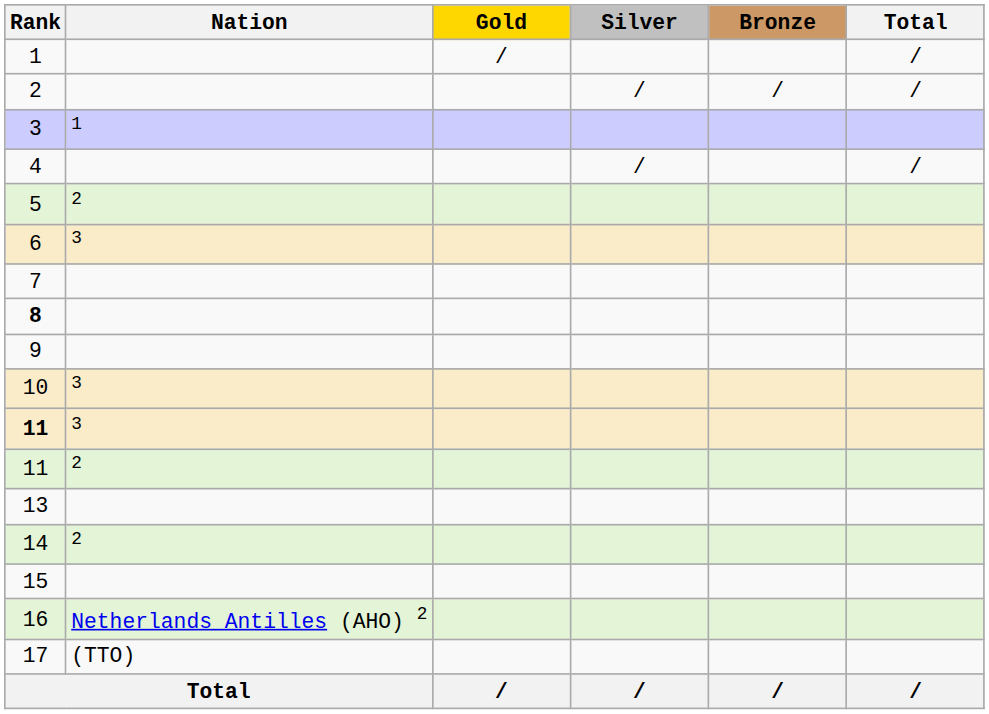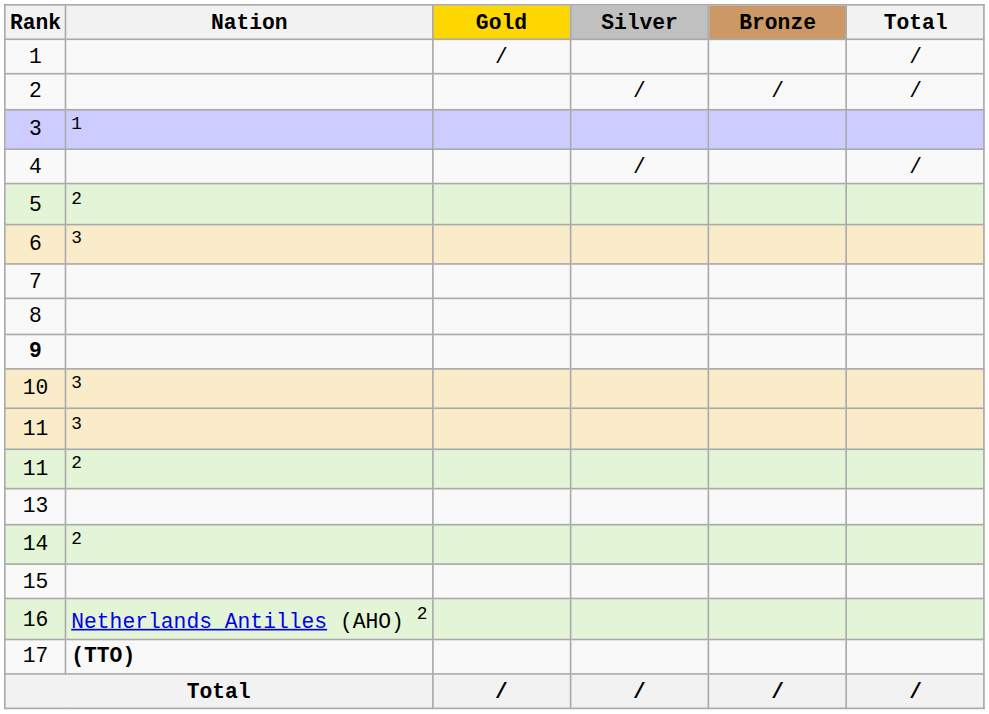 <table class="wikitable sortable plainrowheaders" style="text-align: center">
 <tr>
 <th scope="col">Rank</th>
 <th scope="col">Nation</th>
 <th scope="col" style="background-color:gold; width:6em;">Gold</th>
 <th scope="col" style="background-color:silver; width:6em;">Silver</th>
 <th scope="col" style="background-color:#cc9966; width:6em;">Bronze</th>
 <th scope="col" style="width:6em;">Total</th>
 </tr>
 <tr>
 <td>1</td>
 <td align=left> </td>
 <td>/</td>
 <td></td>
 <td></td>
 <td>/</td>
 </tr>
 <tr>
 <td>2</td>
 <td align=left> </td>
 <td></td>
 <td>/</td>
 <td>/</td>
 <td>/</td>
 </tr>
 <tr style="background-color:#ccccff">
 <td>3</td>
 <td align=left>  <sup>1</sup></td>
 <td></td>
 <td></td>
 <td></td>
 <td></td>
 </tr>
 <tr>
 <td>4</td>
 <td align=left> </td>
 <td></td>
 <td>/</td>
 <td></td>
 <td>/</td>
 </tr>
 <tr style="background-color:#e3f4d7">
 <td>5</td>
 <td align=left> <sup>2</sup></td>
 <td></td>
 <td></td>
 <td></td>
 <td></td>
 </tr>
 <tr style="background-color:#faecc8">
 <td>6</td>
 <td align=left> <sup>3</sup></td>
 <td></td>
 <td></td>
 <td></td>
 <td></td>
 </tr>
 <tr>
 <td>7</td>
 <td align=left> </td>
 <td></td>
 <td></td>
 <td></td>
 <td></td>
 </tr>
 <tr>
-<td><strong>8</strong></td>
+<td>8</td>
 <td align=left></td>
 <td></td>
 <td></td>
 <td></td>
 <td></td>
 </tr>
 <tr>
-<td>9</td>
+<td><strong>9</strong></td>
 <td align=left></td>
 <td></td>
 <td></td>
 <td></td>
 <td></td>
 </tr>
 <tr style="background-color:#faecc8">
 <td>10</td>
 <td align=left> <sup>3</sup></td>
 <td></td>
 <td></td>
 <td></td>
 <td></td>
 </tr>
 <tr style="background-color:#faecc8">
-<td><strong>11</strong></td>
+<td>11</td>
 <td align=left> <sup>3</sup></td>
 <td></td>
 <td></td>
 <td></td>
 <td></td>
 </tr>
 <tr style="background-color:#e3f4d7">
 <td>11</td>
 <td align=left> <sup>2</sup></td>
 <td></td>
 <td></td>
 <td></td>
 <td></td>
 </tr>
 <tr>
 <td>13</td>
 <td align=left></td>
 <td></td>
 <td></td>
 <td></td>
 <td></td>
 </tr>
 <tr style="background-color:#e3f4d7">
 <td>14</td>
 <td align=left> <sup>2</sup></td>
 <td></td>
 <td></td>
 <td></td>
 <td></td>
 </tr>
 <tr>
 <td>15</td>
 <td align=left></td>
 <td></td>
 <td></td>
 <td></td>
 <td></td>
 </tr>
 <tr style="background-color:#e3f4d7">
 <td>16</td>
 <td align=left> <a href='#'>Netherlands Antilles</a> (AHO) <sup>2</sup></td>
 <td></td>
 <td></td>
 <td></td>
 <td></td>
 </tr>
 <tr>
 <td>17</td>
-<td align=left> (TTO)</td>
+<td align=left><strong> (TTO)</strong></td>
 <td></td>
 <td></td>
 <td></td>
 <td></td>
 </tr>
 <tr class="sortbottom">
 <th colspan=2>Total</th>
 <th>/</th>
 <th>/</th>
 <th>/</th>
 <th>/</th>
 </tr>
 </table>
